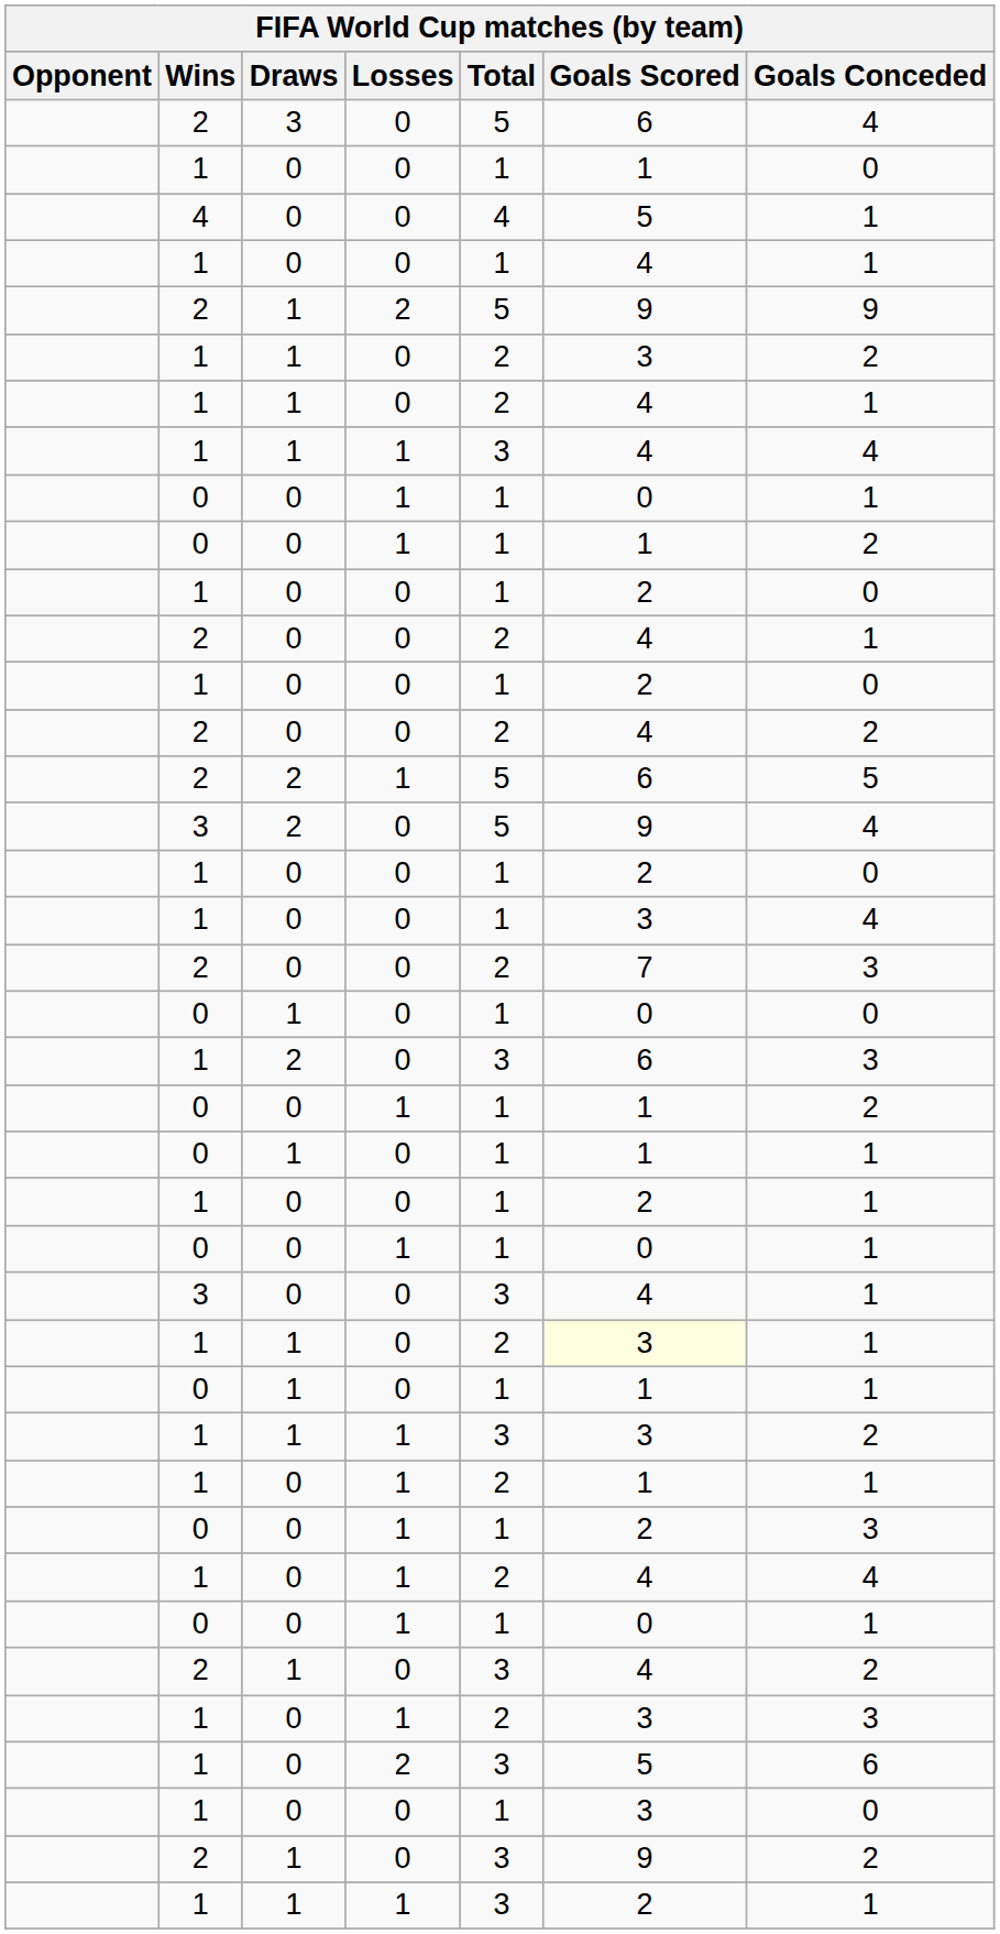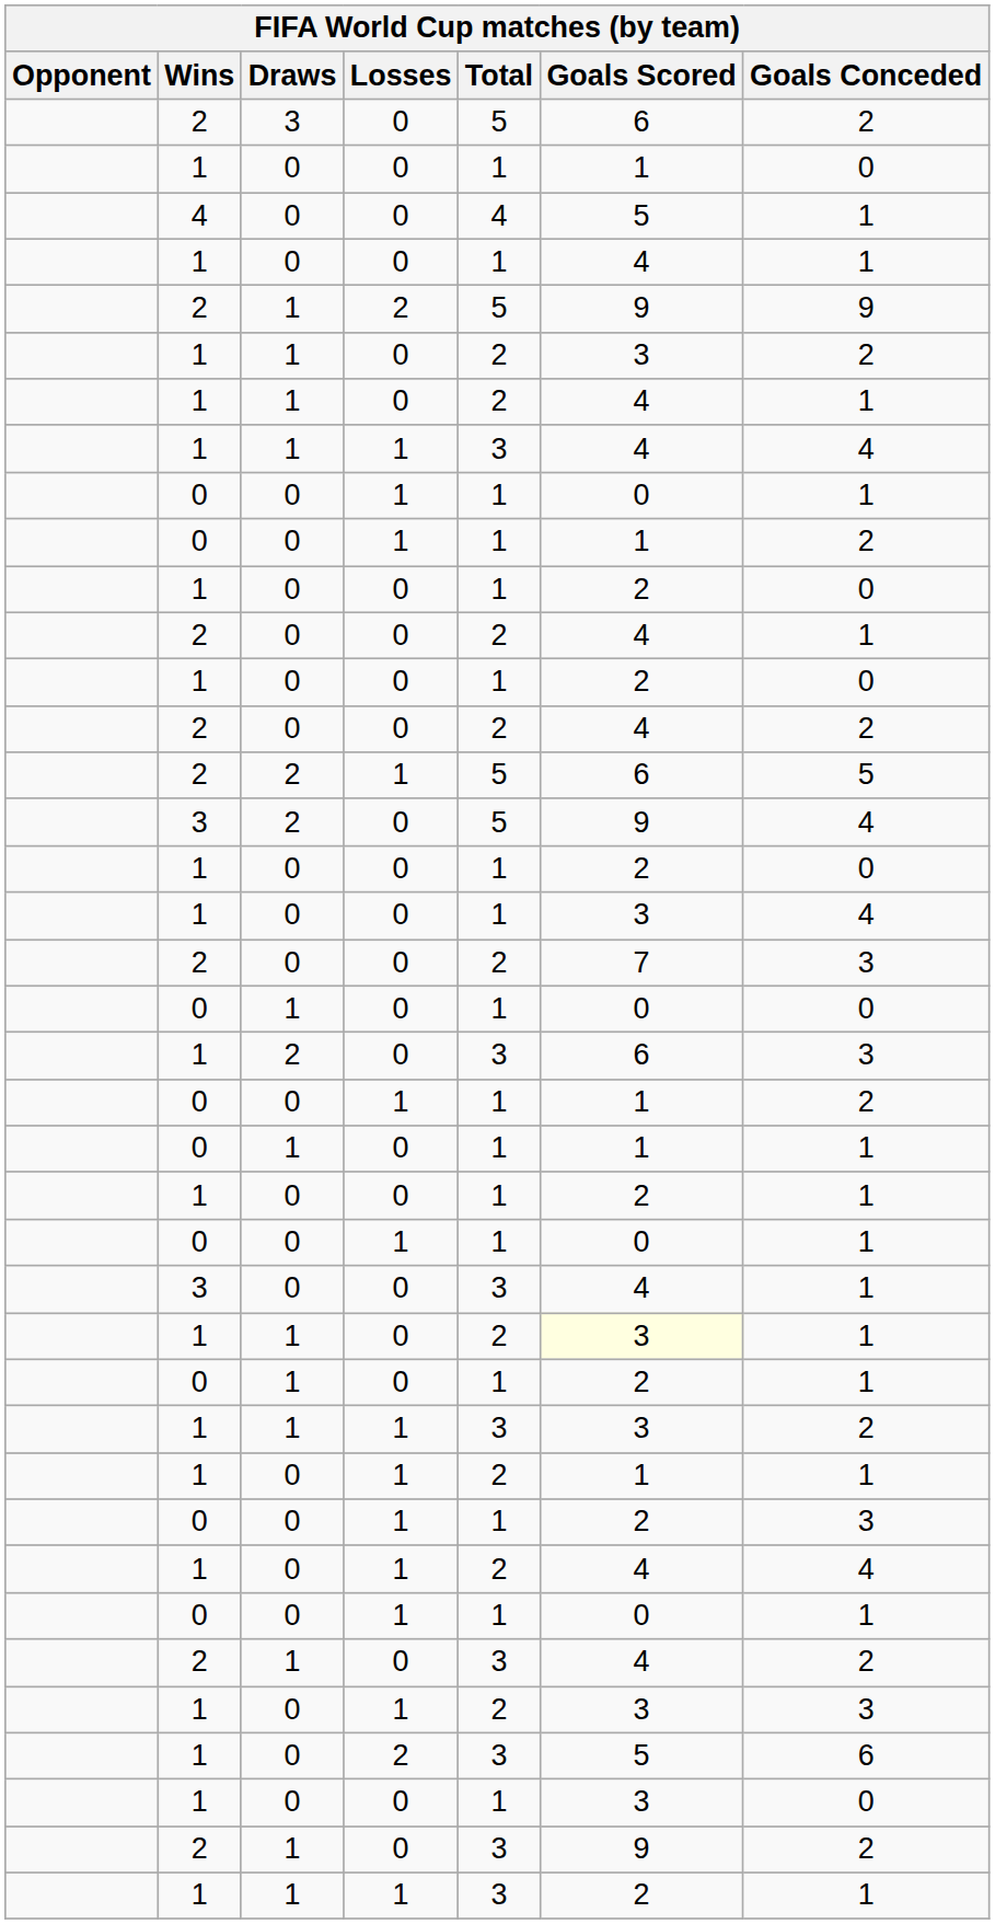 <table class="wikitable sortable" style="text-align: center;">
 <tr>
 <th colspan=7>FIFA World Cup matches (by team)</th>
 </tr>
 <tr>
 <th>Opponent</th>
 <th>Wins</th>
 <th>Draws</th>
 <th>Losses</th>
 <th>Total</th>
 <th>Goals Scored</th>
 <th>Goals Conceded</th>
 </tr>
 <tr>
 <td align="left"></td>
 <td>2</td>
 <td>3</td>
 <td>0</td>
 <td>5</td>
 <td>6</td>
-<td>4</td>
+<td>2</td>
 </tr>
 <tr>
 <td align="left"></td>
 <td>1</td>
 <td>0</td>
 <td>0</td>
 <td>1</td>
 <td>1</td>
 <td>0</td>
 </tr>
 <tr>
 <td align="left"></td>
 <td>4</td>
 <td>0</td>
 <td>0</td>
 <td>4</td>
 <td>5</td>
 <td>1</td>
 </tr>
 <tr>
 <td align="left"></td>
 <td>1</td>
 <td>0</td>
 <td>0</td>
 <td>1</td>
 <td>4</td>
 <td>1</td>
 </tr>
 <tr>
 <td align="left"></td>
 <td>2</td>
 <td>1</td>
 <td>2</td>
 <td>5</td>
 <td>9</td>
 <td>9</td>
 </tr>
 <tr>
 <td align="left"></td>
 <td>1</td>
 <td>1</td>
 <td>0</td>
 <td>2</td>
 <td>3</td>
 <td>2</td>
 </tr>
 <tr>
 <td align="left"></td>
 <td>1</td>
 <td>1</td>
 <td>0</td>
 <td>2</td>
 <td>4</td>
 <td>1</td>
 </tr>
 <tr>
 <td align="left"></td>
 <td>1</td>
 <td>1</td>
 <td>1</td>
 <td>3</td>
 <td>4</td>
 <td>4</td>
 </tr>
 <tr>
 <td align="left"></td>
 <td>0</td>
 <td>0</td>
 <td>1</td>
 <td>1</td>
 <td>0</td>
 <td>1</td>
 </tr>
 <tr>
 <td align="left"></td>
 <td>0</td>
 <td>0</td>
 <td>1</td>
 <td>1</td>
 <td>1</td>
 <td>2</td>
 </tr>
 <tr>
 <td align="left"></td>
 <td>1</td>
 <td>0</td>
 <td>0</td>
 <td>1</td>
 <td>2</td>
 <td>0</td>
 </tr>
 <tr>
 <td align="left"></td>
 <td>2</td>
 <td>0</td>
 <td>0</td>
 <td>2</td>
 <td>4</td>
 <td>1</td>
 </tr>
 <tr>
 <td align="left"></td>
 <td>1</td>
 <td>0</td>
 <td>0</td>
 <td>1</td>
 <td>2</td>
 <td>0</td>
 </tr>
 <tr>
 <td align="left"></td>
 <td>2</td>
 <td>0</td>
 <td>0</td>
 <td>2</td>
 <td>4</td>
 <td>2</td>
 </tr>
 <tr>
 <td align="left"></td>
 <td>2</td>
 <td>2</td>
 <td>1</td>
 <td>5</td>
 <td>6</td>
 <td>5</td>
 </tr>
 <tr>
 <td align="left"></td>
 <td>3</td>
 <td>2</td>
 <td>0</td>
 <td>5</td>
 <td>9</td>
 <td>4</td>
 </tr>
 <tr>
 <td align="left"></td>
 <td>1</td>
 <td>0</td>
 <td>0</td>
 <td>1</td>
 <td>2</td>
 <td>0</td>
 </tr>
 <tr>
 <td align="left"></td>
 <td>1</td>
 <td>0</td>
 <td>0</td>
 <td>1</td>
 <td>3</td>
 <td>4</td>
 </tr>
 <tr>
 <td align="left"></td>
 <td>2</td>
 <td>0</td>
 <td>0</td>
 <td>2</td>
 <td>7</td>
 <td>3</td>
 </tr>
 <tr>
 <td align="left"></td>
 <td>0</td>
 <td>1</td>
 <td>0</td>
 <td>1</td>
 <td>0</td>
 <td>0</td>
 </tr>
 <tr>
 <td align="left"></td>
 <td>1</td>
 <td>2</td>
 <td>0</td>
 <td>3</td>
 <td>6</td>
 <td>3</td>
 </tr>
 <tr>
 <td align="left"></td>
 <td>0</td>
 <td>0</td>
 <td>1</td>
 <td>1</td>
 <td>1</td>
 <td>2</td>
 </tr>
 <tr>
 <td align="left"></td>
 <td>0</td>
 <td>1</td>
 <td>0</td>
 <td>1</td>
 <td>1</td>
 <td>1</td>
 </tr>
 <tr>
 <td align="left"></td>
 <td>1</td>
 <td>0</td>
 <td>0</td>
 <td>1</td>
 <td>2</td>
 <td>1</td>
 </tr>
 <tr>
 <td align="left"></td>
 <td>0</td>
 <td>0</td>
 <td>1</td>
 <td>1</td>
 <td>0</td>
 <td>1</td>
 </tr>
 <tr>
 <td align="left"></td>
 <td>3</td>
 <td>0</td>
 <td>0</td>
 <td>3</td>
 <td>4</td>
 <td>1</td>
 </tr>
 <tr>
 <td align="left"></td>
 <td>1</td>
 <td>1</td>
 <td>0</td>
 <td>2</td>
 <td style="background: lightyellow;">3</td>
 <td>1</td>
 </tr>
 <tr>
 <td align="left"></td>
 <td>0</td>
 <td>1</td>
 <td>0</td>
 <td>1</td>
-<td>1</td>
+<td>2</td>
 <td>1</td>
 </tr>
 <tr>
 <td align="left"></td>
 <td>1</td>
 <td>1</td>
 <td>1</td>
 <td>3</td>
 <td>3</td>
 <td>2</td>
 </tr>
 <tr>
 <td align="left"></td>
 <td>1</td>
 <td>0</td>
 <td>1</td>
 <td>2</td>
 <td>1</td>
 <td>1</td>
 </tr>
 <tr>
 <td align="left"></td>
 <td>0</td>
 <td>0</td>
 <td>1</td>
 <td>1</td>
 <td>2</td>
 <td>3</td>
 </tr>
 <tr>
 <td align="left"></td>
 <td>1</td>
 <td>0</td>
 <td>1</td>
 <td>2</td>
 <td>4</td>
 <td>4</td>
 </tr>
 <tr>
 <td align="left"></td>
 <td>0</td>
 <td>0</td>
 <td>1</td>
 <td>1</td>
 <td>0</td>
 <td>1</td>
 </tr>
 <tr>
 <td align="left"></td>
 <td>2</td>
 <td>1</td>
 <td>0</td>
 <td>3</td>
 <td>4</td>
 <td>2</td>
 </tr>
 <tr>
 <td align="left"></td>
 <td>1</td>
 <td>0</td>
 <td>1</td>
 <td>2</td>
 <td>3</td>
 <td>3</td>
 </tr>
 <tr>
 <td align="left"></td>
 <td>1</td>
 <td>0</td>
 <td>2</td>
 <td>3</td>
 <td>5</td>
 <td>6</td>
 </tr>
 <tr>
 <td align="left"></td>
 <td>1</td>
 <td>0</td>
 <td>0</td>
 <td>1</td>
 <td>3</td>
 <td>0</td>
 </tr>
 <tr>
 <td align="left"></td>
 <td>2</td>
 <td>1</td>
 <td>0</td>
 <td>3</td>
 <td>9</td>
 <td>2</td>
 </tr>
 <tr>
 <td align="left"></td>
 <td>1</td>
 <td>1</td>
 <td>1</td>
 <td>3</td>
 <td>2</td>
 <td>1</td>
 </tr>
 </table>
